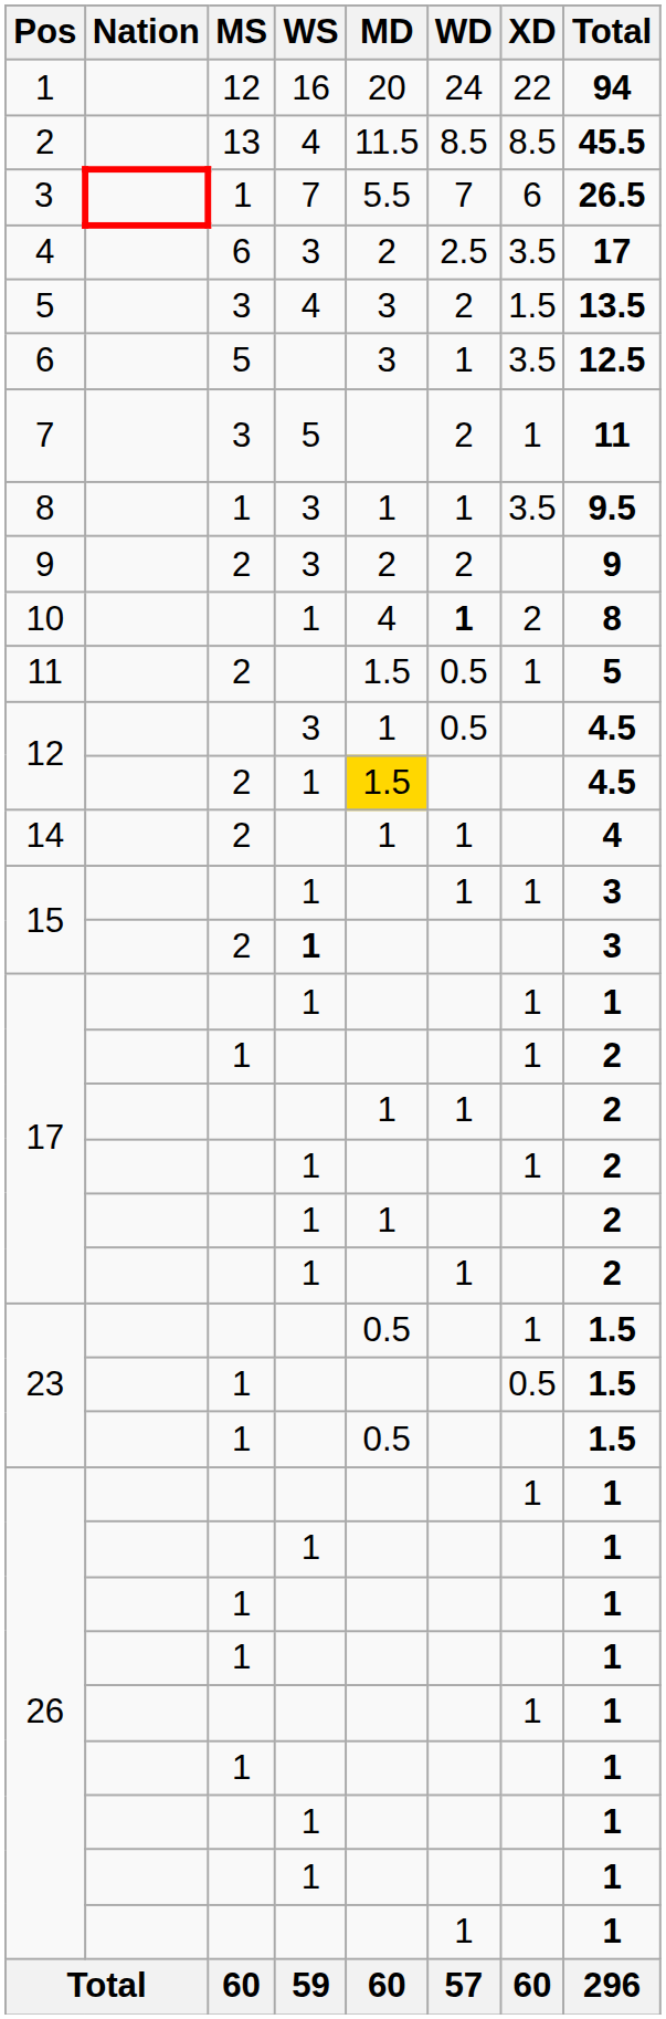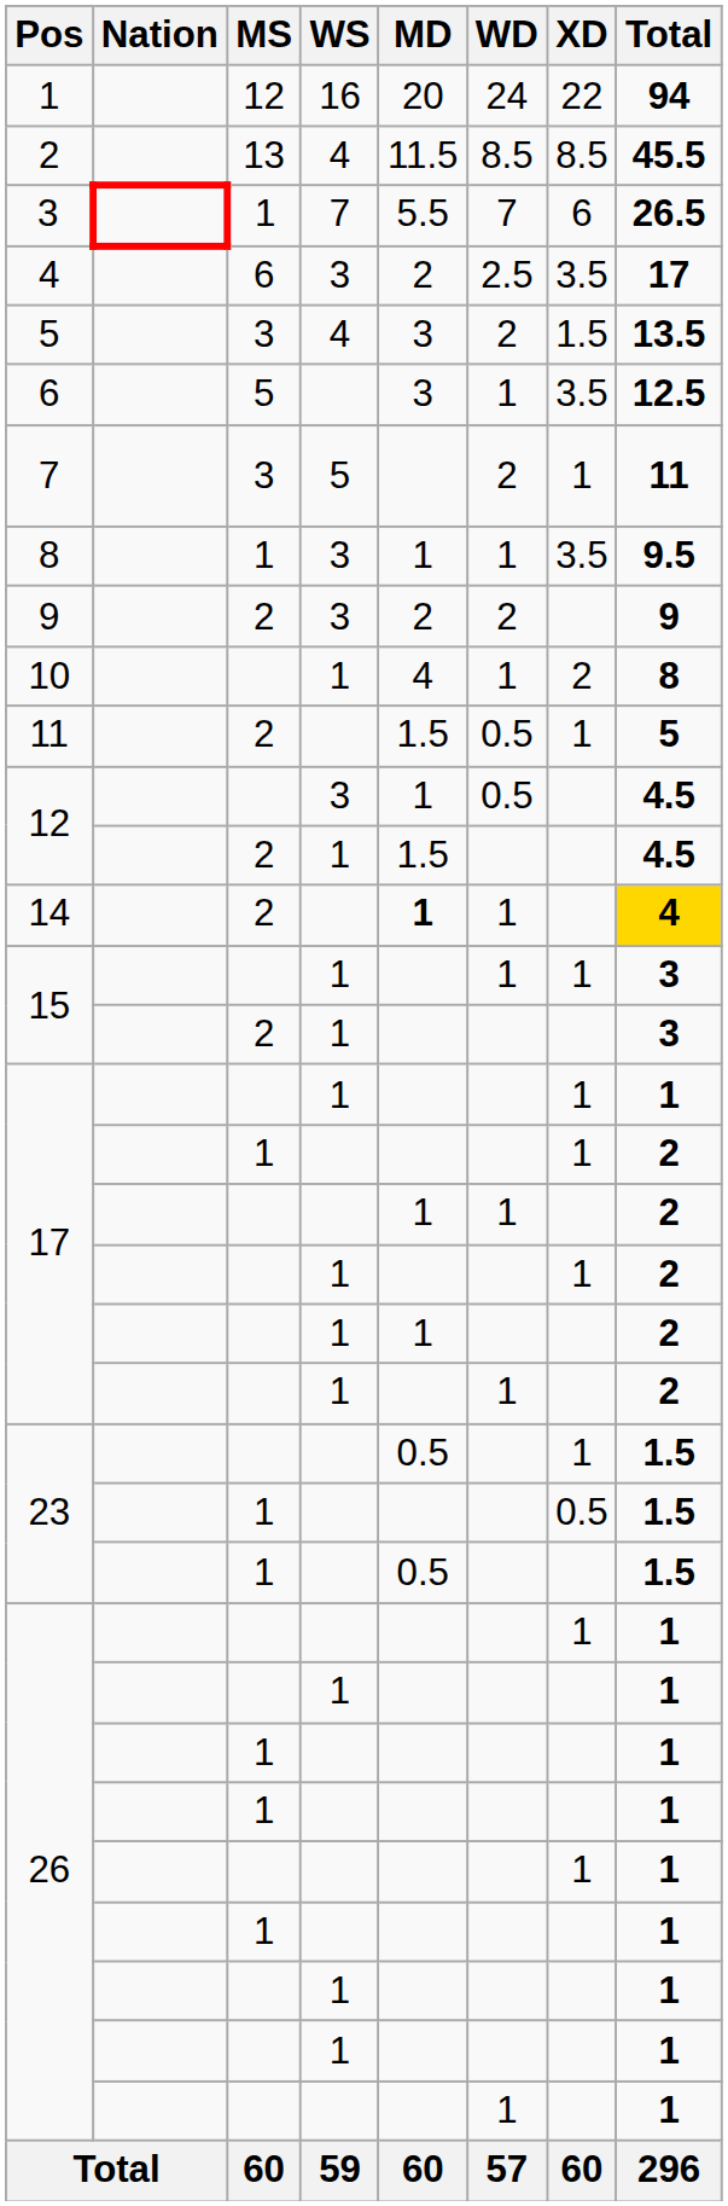 <table class="wikitable" style="text-align:center">
 <tr>
 <th>Pos</th>
 <th>Nation</th>
 <th>MS</th>
 <th>WS</th>
 <th>MD</th>
 <th>WD</th>
 <th>XD</th>
 <th>Total</th>
 </tr>
 <tr>
 <td>1</td>
 <td align="left"></td>
 <td>12</td>
 <td>16</td>
 <td>20</td>
 <td>24</td>
 <td>22</td>
 <td><strong>94</strong></td>
 </tr>
 <tr>
 <td>2</td>
 <td align="left"></td>
 <td>13</td>
 <td>4</td>
 <td>11.5</td>
 <td>8.5</td>
 <td>8.5</td>
 <td><strong>45.5</strong></td>
 </tr>
 <tr>
 <td>3</td>
 <td align="left" style="border: 3px solid red"></td>
 <td>1</td>
 <td>7</td>
 <td>5.5</td>
 <td>7</td>
 <td>6</td>
 <td><strong>26.5</strong></td>
 </tr>
 <tr>
 <td>4</td>
 <td align="left"></td>
 <td>6</td>
 <td>3</td>
 <td>2</td>
 <td>2.5</td>
 <td>3.5</td>
 <td><strong>17</strong></td>
 </tr>
 <tr>
 <td>5</td>
 <td align="left"></td>
 <td>3</td>
 <td>4</td>
 <td>3</td>
 <td>2</td>
 <td>1.5</td>
 <td><strong>13.5</strong></td>
 </tr>
 <tr>
 <td>6</td>
 <td align="left"></td>
 <td>5</td>
 <td></td>
 <td>3</td>
 <td>1</td>
 <td>3.5</td>
 <td><strong>12.5</strong></td>
 </tr>
 <tr>
 <td>7</td>
 <td align="left"><br><em><br></em></td>
 <td>3</td>
 <td>5</td>
 <td></td>
 <td>2</td>
 <td>1</td>
 <td><strong>11</strong></td>
 </tr>
 <tr>
 <td>8</td>
 <td align="left"></td>
 <td>1</td>
 <td>3</td>
 <td>1</td>
 <td>1</td>
 <td>3.5</td>
 <td><strong>9.5</strong></td>
 </tr>
 <tr>
 <td>9</td>
 <td align="left"></td>
 <td>2</td>
 <td>3</td>
 <td>2</td>
 <td>2</td>
 <td></td>
 <td><strong>9</strong></td>
 </tr>
 <tr>
 <td>10</td>
 <td align="left"></td>
 <td></td>
 <td>1</td>
 <td>4</td>
-<td><strong>1</strong></td>
+<td>1</td>
 <td>2</td>
 <td><strong>8</strong></td>
 </tr>
 <tr>
 <td>11</td>
 <td align="left"></td>
 <td>2</td>
 <td></td>
 <td>1.5</td>
 <td>0.5</td>
 <td>1</td>
 <td><strong>5</strong></td>
 </tr>
 <tr>
 <td rowspan="2">12</td>
 <td align="left"></td>
 <td></td>
 <td>3</td>
 <td>1</td>
 <td>0.5</td>
 <td></td>
 <td><strong>4.5</strong></td>
 </tr>
 <tr>
 <td align="left"></td>
 <td>2</td>
 <td>1</td>
-<td style="background: gold;">1.5</td>
+<td>1.5</td>
 <td></td>
 <td></td>
 <td><strong>4.5</strong></td>
 </tr>
 <tr>
 <td>14</td>
 <td align="left"></td>
 <td>2</td>
 <td></td>
-<td>1</td>
+<td><strong>1</strong></td>
 <td>1</td>
 <td></td>
-<td><strong>4</strong></td>
+<td style="background: gold;"><strong>4</strong></td>
 </tr>
 <tr>
 <td rowspan="2">15</td>
 <td align="left"></td>
 <td></td>
 <td>1</td>
 <td></td>
 <td>1</td>
 <td>1</td>
 <td><strong>3</strong></td>
 </tr>
 <tr>
 <td align="left"></td>
 <td>2</td>
-<td><strong>1</strong></td>
+<td>1</td>
 <td></td>
 <td></td>
 <td></td>
 <td><strong>3</strong></td>
 </tr>
 <tr>
 <td rowspan="6">17</td>
 <td align="left"></td>
 <td></td>
 <td>1</td>
 <td></td>
 <td></td>
 <td>1</td>
 <td><strong>1</strong></td>
 </tr>
 <tr>
 <td align="left"></td>
 <td>1</td>
 <td></td>
 <td></td>
 <td></td>
 <td>1</td>
 <td><strong>2</strong></td>
 </tr>
 <tr>
 <td align="left"></td>
 <td></td>
 <td></td>
 <td>1</td>
 <td>1</td>
 <td></td>
 <td><strong>2</strong></td>
 </tr>
 <tr>
 <td align="left"></td>
 <td></td>
 <td>1</td>
 <td></td>
 <td></td>
 <td>1</td>
 <td><strong>2</strong></td>
 </tr>
 <tr>
 <td align="left"></td>
 <td></td>
 <td>1</td>
 <td>1</td>
 <td></td>
 <td></td>
 <td><strong>2</strong></td>
 </tr>
 <tr>
 <td align="left"></td>
 <td></td>
 <td>1</td>
 <td></td>
 <td>1</td>
 <td></td>
 <td><strong>2</strong></td>
 </tr>
 <tr>
 <td rowspan="3">23</td>
 <td align="left"></td>
 <td></td>
 <td></td>
 <td>0.5</td>
 <td></td>
 <td>1</td>
 <td><strong>1.5</strong></td>
 </tr>
 <tr>
 <td align="left"></td>
 <td>1</td>
 <td></td>
 <td></td>
 <td></td>
 <td>0.5</td>
 <td><strong>1.5</strong></td>
 </tr>
 <tr>
 <td align="left"></td>
 <td>1</td>
 <td></td>
 <td>0.5</td>
 <td></td>
 <td></td>
 <td><strong>1.5</strong></td>
 </tr>
 <tr>
 <td rowspan="9">26</td>
 <td align="left"></td>
 <td></td>
 <td></td>
 <td></td>
 <td></td>
 <td>1</td>
 <td><strong>1</strong></td>
 </tr>
 <tr>
 <td align="left"></td>
 <td></td>
 <td>1</td>
 <td></td>
 <td></td>
 <td></td>
 <td><strong>1</strong></td>
 </tr>
 <tr>
 <td align="left"></td>
 <td>1</td>
 <td></td>
 <td></td>
 <td></td>
 <td></td>
 <td><strong>1</strong></td>
 </tr>
 <tr>
 <td align="left"></td>
 <td>1</td>
 <td></td>
 <td></td>
 <td></td>
 <td></td>
 <td><strong>1</strong></td>
 </tr>
 <tr>
 <td align="left"></td>
 <td></td>
 <td></td>
 <td></td>
 <td></td>
 <td>1</td>
 <td><strong>1</strong></td>
 </tr>
 <tr>
 <td align="left"></td>
 <td>1</td>
 <td></td>
 <td></td>
 <td></td>
 <td></td>
 <td><strong>1</strong></td>
 </tr>
 <tr>
 <td align="left"></td>
 <td></td>
 <td>1</td>
 <td></td>
 <td></td>
 <td></td>
 <td><strong>1</strong></td>
 </tr>
 <tr>
 <td align="left"></td>
 <td></td>
 <td>1</td>
 <td></td>
 <td></td>
 <td></td>
 <td><strong>1</strong></td>
 </tr>
 <tr>
 <td align="left"></td>
 <td></td>
 <td></td>
 <td></td>
 <td>1</td>
 <td></td>
 <td><strong>1</strong></td>
 </tr>
 <tr>
 <th colspan="2">Total</th>
 <th>60</th>
 <th>59</th>
 <th>60</th>
 <th>57</th>
 <th>60</th>
 <th>296</th>
 </tr>
 </table>
